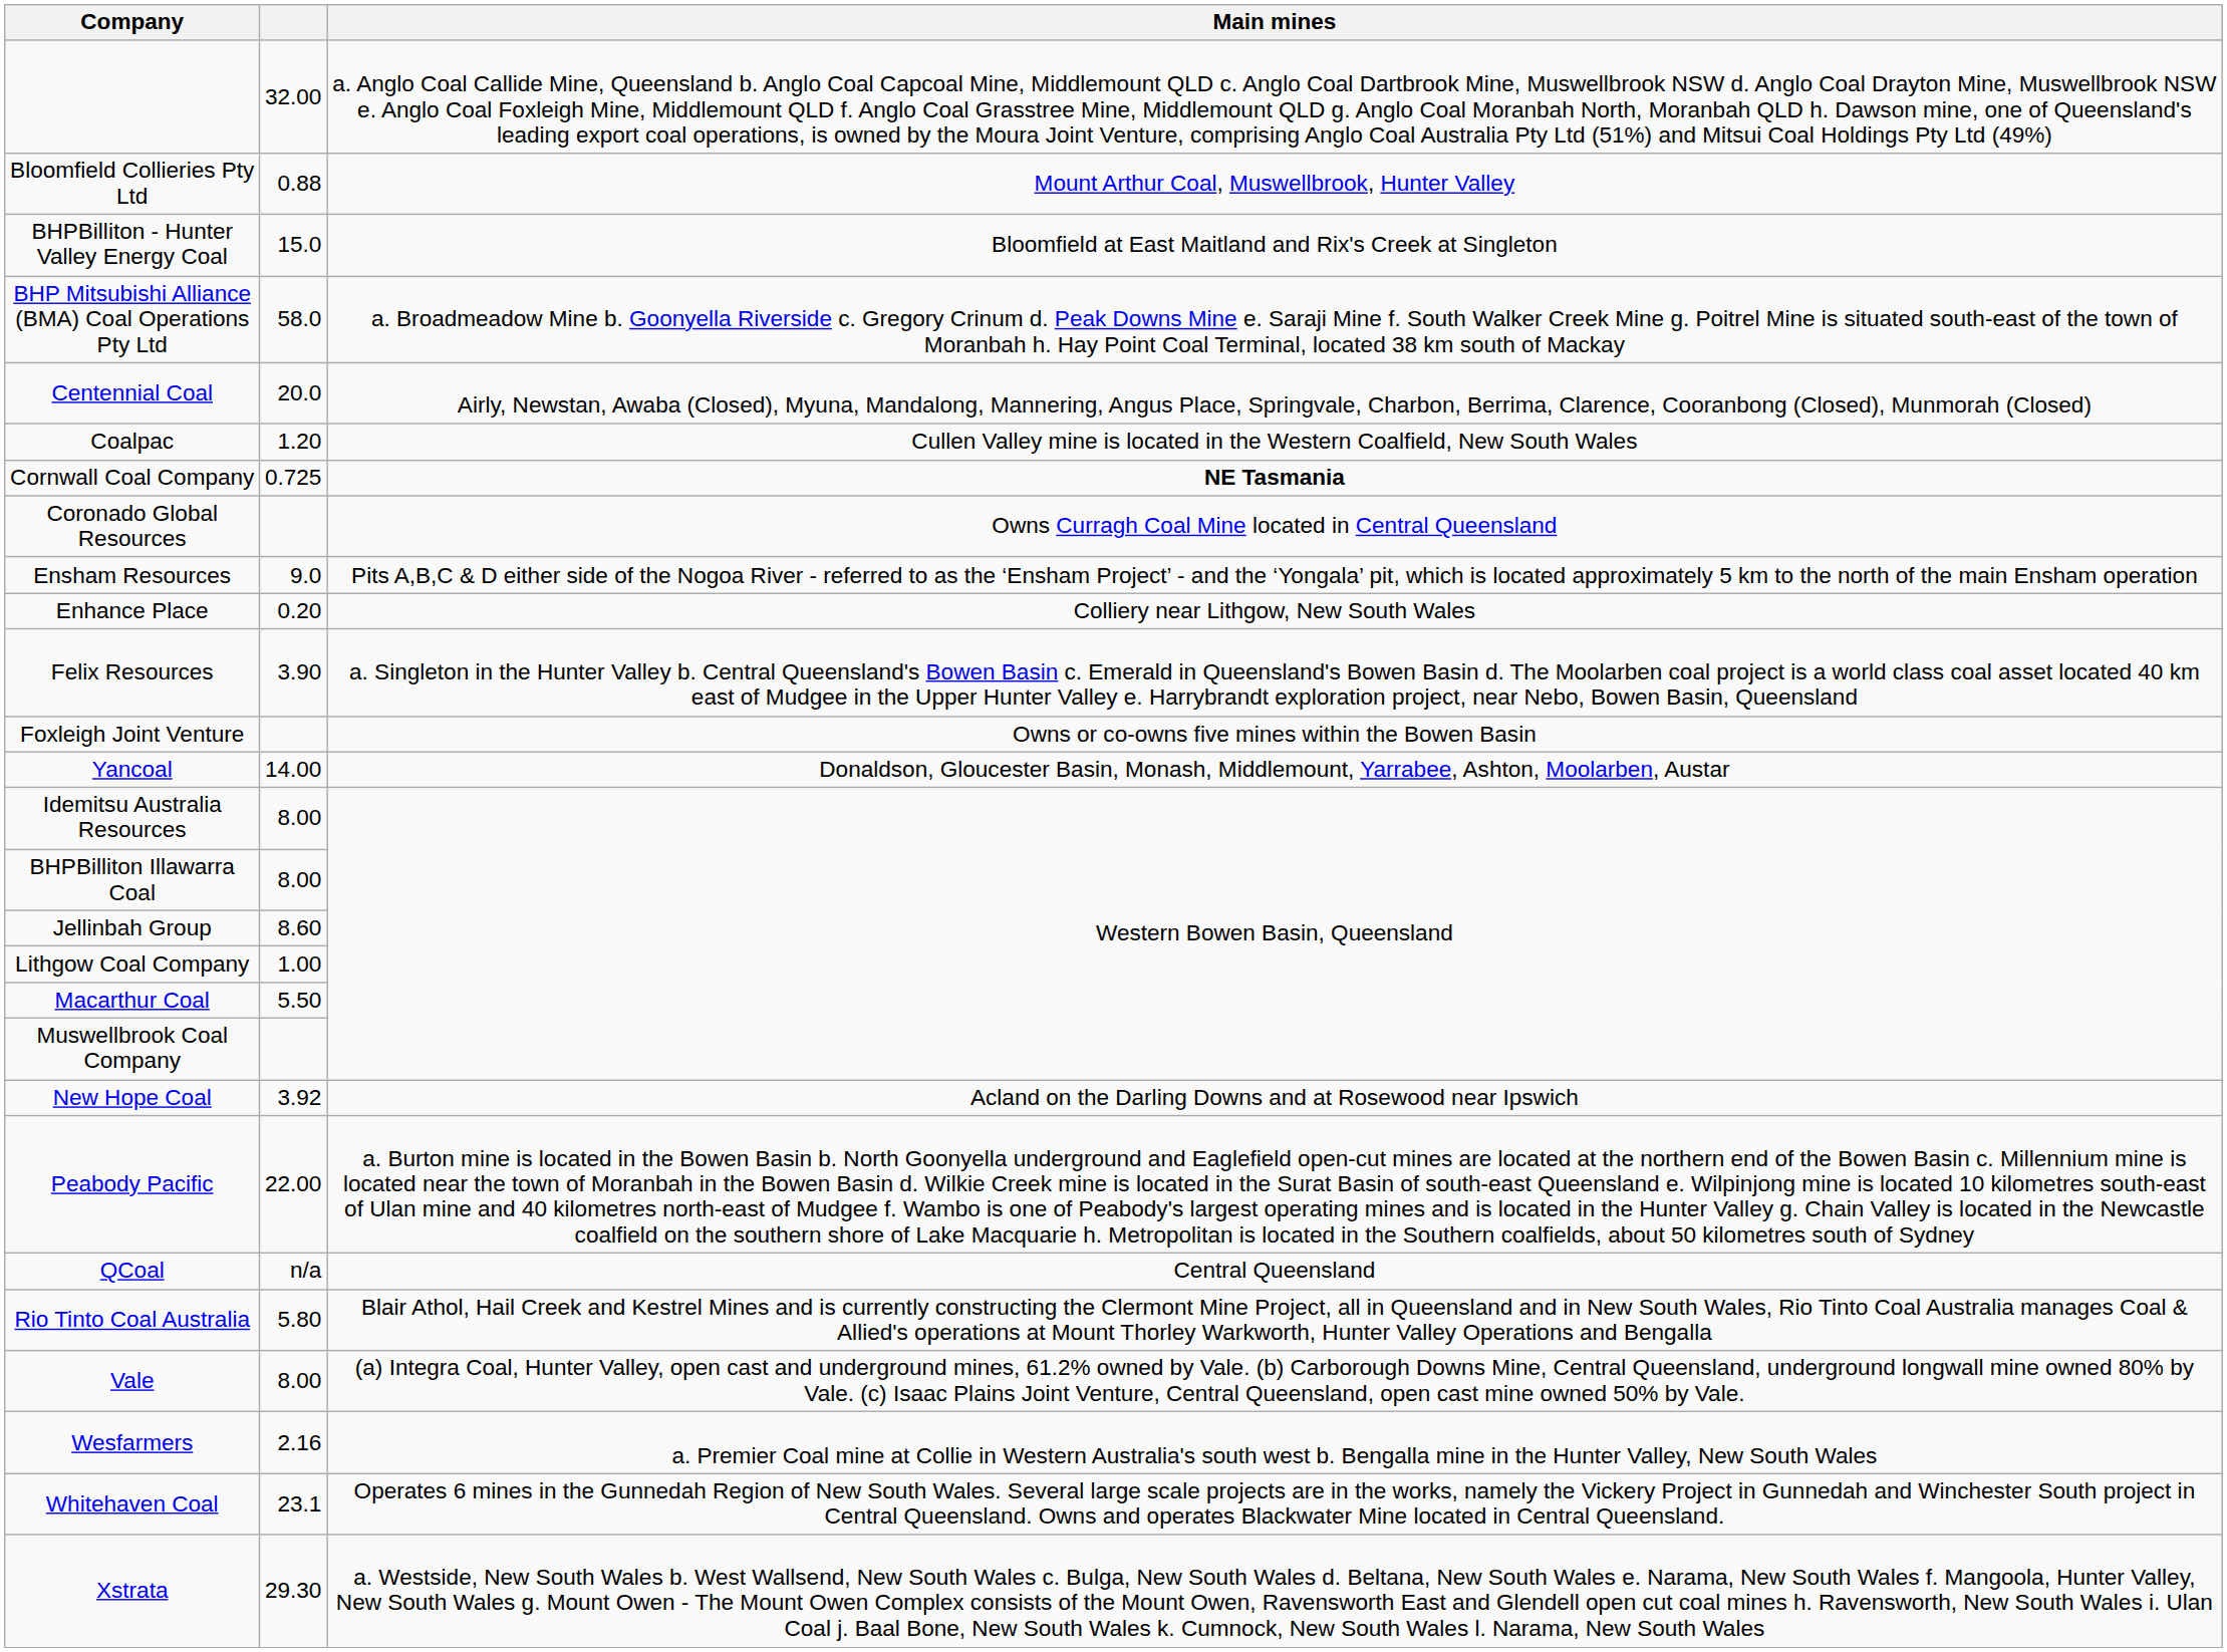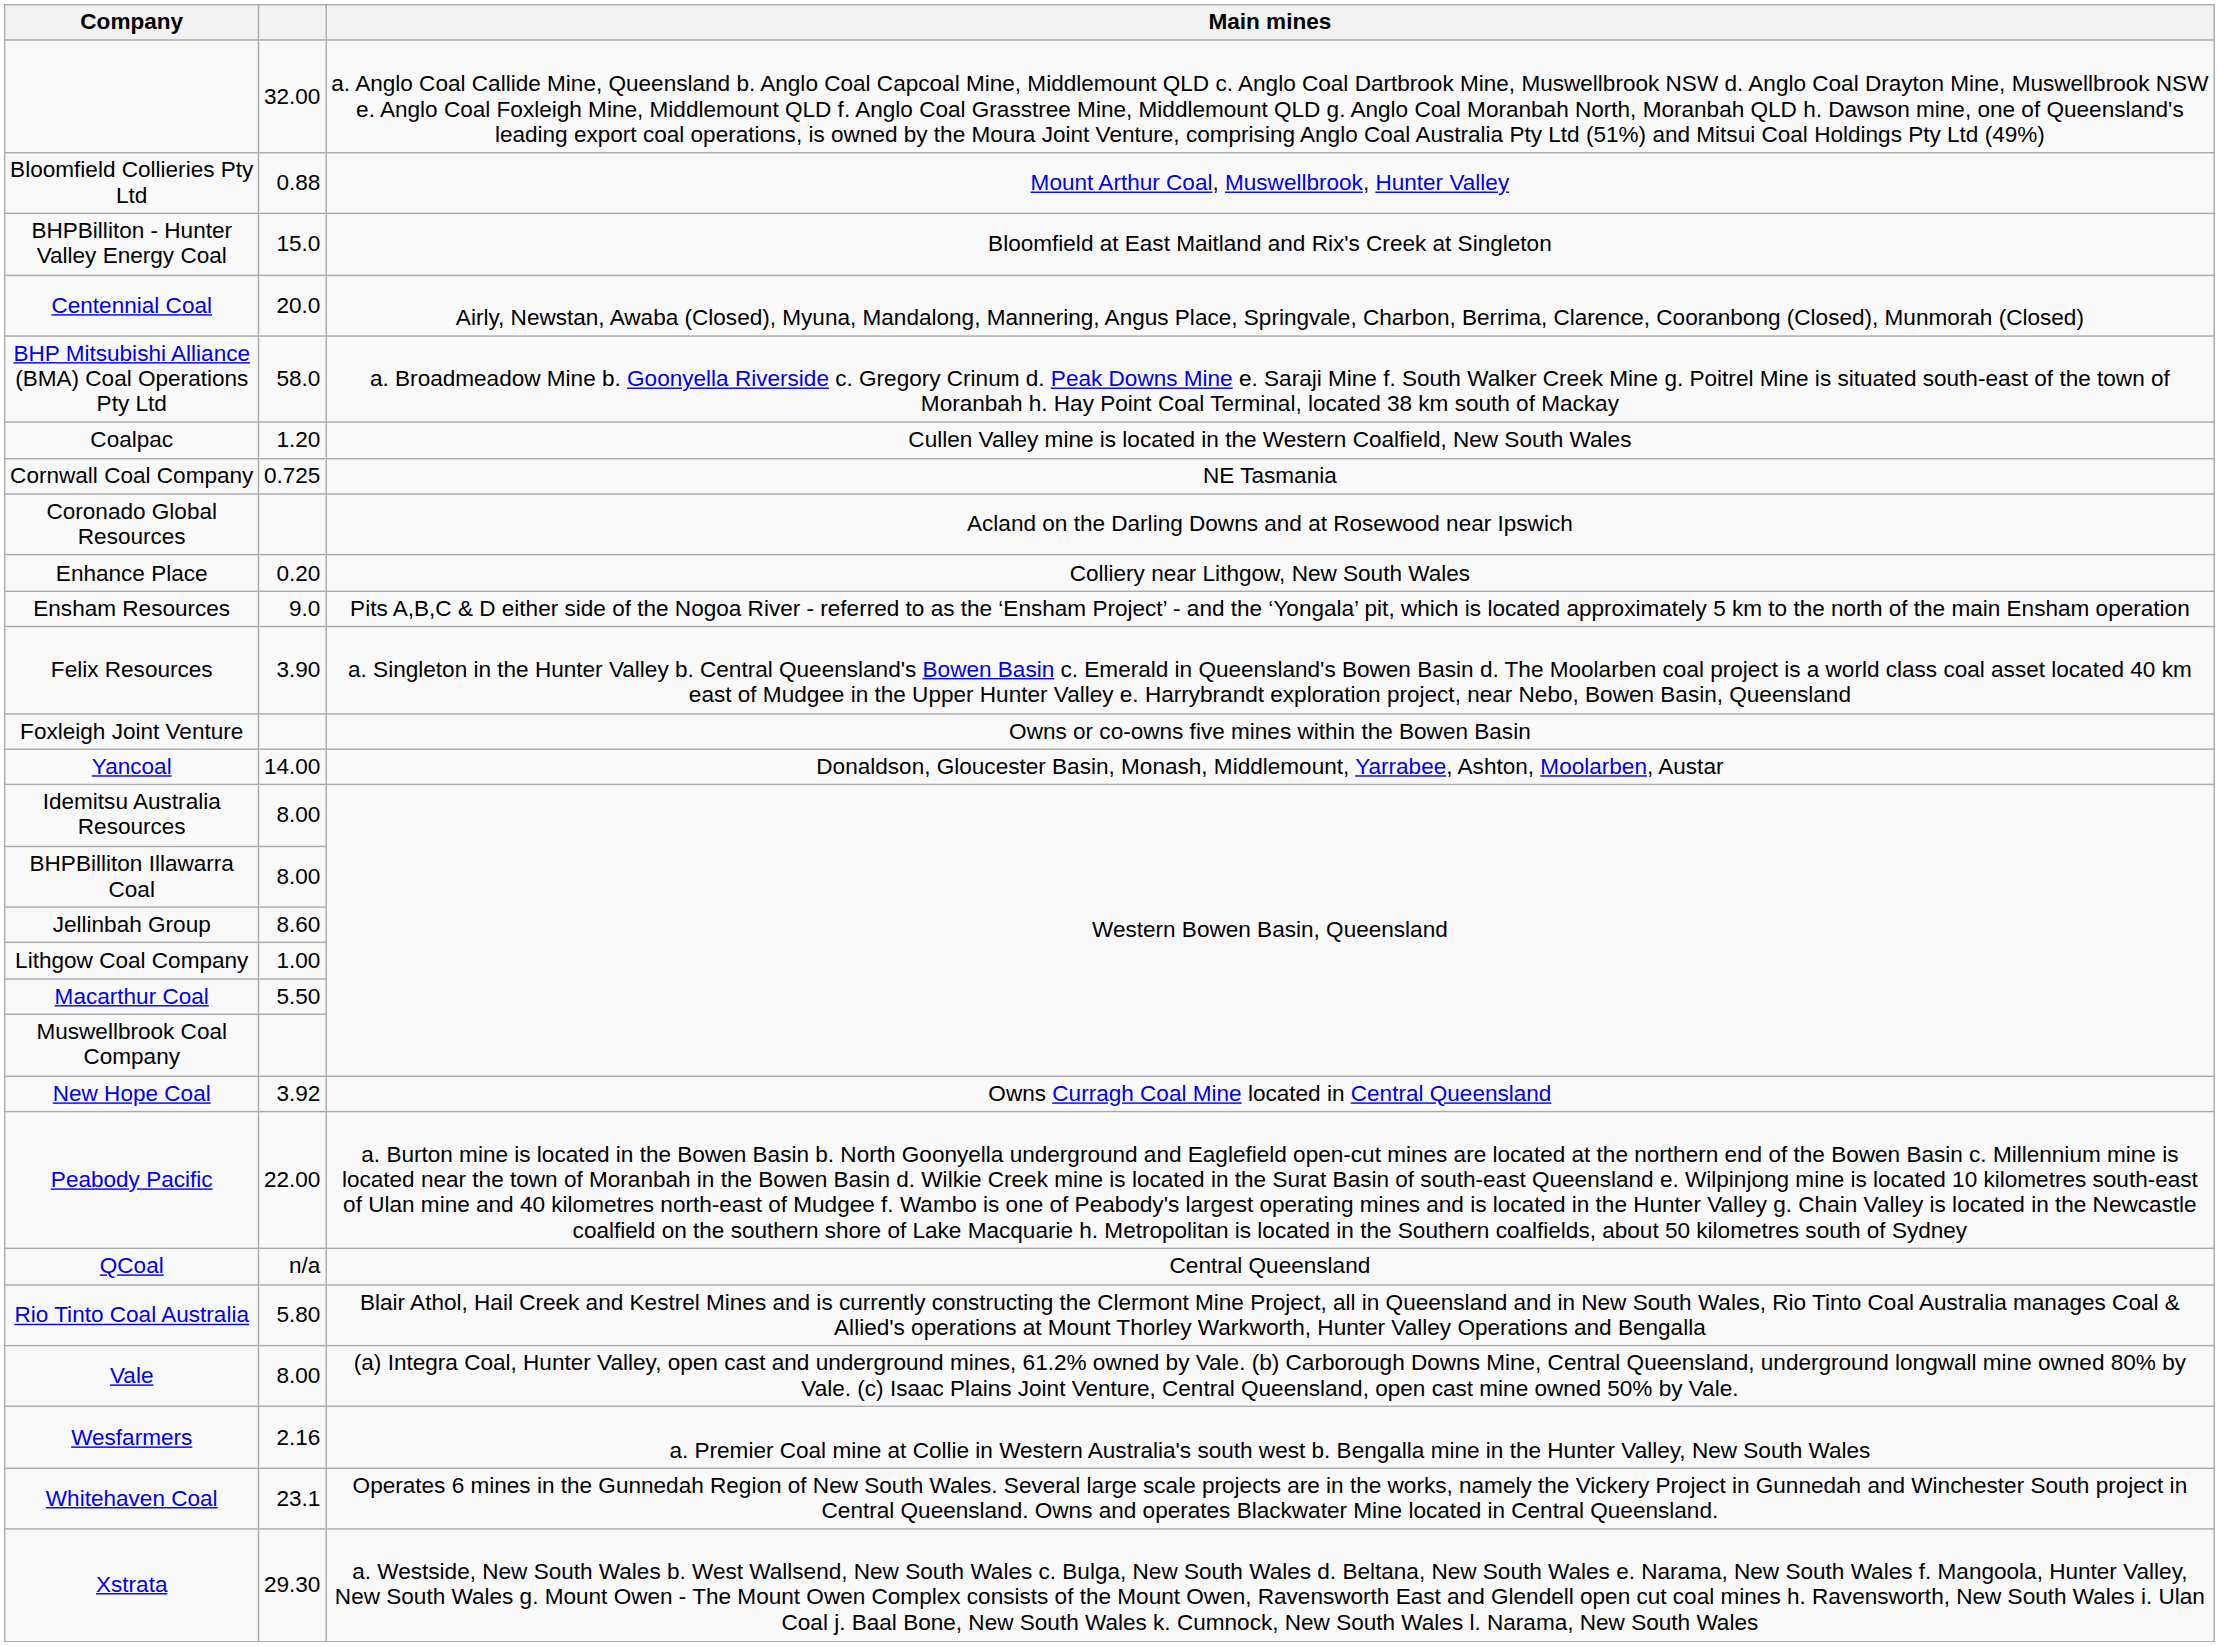 <table class="wikitable sortable" align="center" style="text-align:center">
 <tr>
 <th>Company</th>
 <th><br></th>
 <th>Main mines</th>
 </tr>
 <tr>
 <td></td>
 <td align=right>32.00</td>
 <td><br>a. Anglo Coal Callide Mine, Queensland  b. Anglo Coal Capcoal Mine, Middlemount QLD  c. Anglo Coal Dartbrook Mine, Muswellbrook NSW  d. Anglo Coal Drayton Mine, Muswellbrook NSW  e. Anglo Coal Foxleigh Mine, Middlemount QLD  f. Anglo Coal Grasstree Mine, Middlemount QLD  g. Anglo Coal Moranbah North, Moranbah QLD  h. Dawson mine, one of Queensland's leading export coal operations, is owned by the Moura Joint Venture, comprising Anglo Coal Australia Pty Ltd (51%) and Mitsui Coal Holdings Pty Ltd (49%)</td>
 </tr>
 <tr>
 <td>Bloomfield Collieries Pty Ltd</td>
 <td align=right>0.88</td>
 <td><a href='#'>Mount Arthur Coal</a>, <a href='#'>Muswellbrook</a>, <a href='#'>Hunter Valley</a></td>
 </tr>
 <tr>
 <td>BHPBilliton - Hunter Valley Energy Coal</td>
 <td align=right>15.0</td>
 <td>Bloomfield at East Maitland and Rix's Creek at Singleton</td>
 </tr>
 <tr>
+<td><a href='#'>Centennial Coal</a></td>
+<td align=right>20.0</td>
+<td><br>Airly, Newstan,  Awaba (Closed),  Myuna,  Mandalong,  Mannering,  Angus Place, Springvale,  Charbon,  Berrima,  Clarence,  Cooranbong (Closed),  Munmorah (Closed)</td>
+</tr>
+<tr>
 <td><a href='#'>BHP Mitsubishi Alliance</a> (BMA) Coal Operations Pty Ltd</td>
 <td align=right>58.0</td>
 <td><br>a. Broadmeadow Mine  b. <a href='#'>Goonyella Riverside</a>  c. Gregory Crinum  d. <a href='#'>Peak Downs Mine</a>  e. Saraji Mine  f. South Walker Creek Mine  g. Poitrel Mine is situated south-east of the town of Moranbah  h. Hay Point Coal Terminal, located 38 km south of Mackay</td>
-</tr>
-<tr>
-<td><a href='#'>Centennial Coal</a></td>
-<td align=right>20.0</td>
-<td><br>Airly, Newstan,  Awaba (Closed),  Myuna,  Mandalong,  Mannering,  Angus Place, Springvale,  Charbon,  Berrima,  Clarence,  Cooranbong (Closed),  Munmorah (Closed)</td>
 </tr>
 <tr>
 <td>Coalpac</td>
 <td align=right>1.20</td>
 <td>Cullen Valley mine is located in the Western Coalfield, New South Wales</td>
 </tr>
 <tr>
 <td>Cornwall Coal Company</td>
 <td align=right>0.725</td>
-<td><strong>NE Tasmania</strong></td>
+<td>NE Tasmania</td>
 </tr>
 <tr>
 <td>Coronado Global Resources</td>
 <td></td>
-<td>Owns <a href='#'>Curragh Coal Mine</a> located in <a href='#'>Central Queensland</a></td>
+<td>Acland on the Darling Downs and at Rosewood near Ipswich</td>
+</tr>
+<tr>
+<td>Enhance Place</td>
+<td align=right>0.20</td>
+<td>Colliery near Lithgow, New South Wales</td>
 </tr>
 <tr>
 <td>Ensham Resources</td>
 <td align=right>9.0</td>
 <td>Pits A,B,C & D either side of the Nogoa River - referred to as the ‘Ensham Project’ - and the ‘Yongala’ pit, which is located approximately 5 km to the north of the main Ensham operation</td>
-</tr>
-<tr>
-<td>Enhance Place</td>
-<td align=right>0.20</td>
-<td>Colliery near Lithgow, New South Wales</td>
 </tr>
 <tr>
 <td>Felix Resources</td>
 <td align=right>3.90</td>
 <td><br>a. Singleton in the Hunter Valley  b. Central Queensland's <a href='#'>Bowen Basin</a>  c. Emerald in Queensland's Bowen Basin  d. The Moolarben coal project is a world class coal asset located 40 km east of Mudgee in the Upper Hunter Valley  e. Harrybrandt exploration project, near Nebo, Bowen Basin, Queensland</td>
 </tr>
 <tr>
 <td>Foxleigh Joint Venture</td>
 <td align=right></td>
 <td>Owns or co-owns five mines within the Bowen Basin</td>
 </tr>
 <tr>
 <td><a href='#'>Yancoal</a></td>
 <td align=right>14.00</td>
 <td>Donaldson, Gloucester Basin, Monash, Middlemount, <a href='#'>Yarrabee</a>, Ashton, <a href='#'>Moolarben</a>, Austar</td>
 </tr>
 <tr>
 <td>Idemitsu Australia Resources</td>
 <td align=right>8.00</td>
 <td rowspan="6">Western Bowen Basin, Queensland</td>
 </tr>
 <tr>
 <td>BHPBilliton Illawarra Coal</td>
 <td align=right>8.00</td>
 </tr>
 <tr>
 <td>Jellinbah Group</td>
 <td align=right>8.60</td>
 </tr>
 <tr>
 <td>Lithgow Coal Company</td>
 <td align=right>1.00</td>
 </tr>
 <tr>
 <td><a href='#'>Macarthur Coal</a></td>
 <td align=right>5.50</td>
 </tr>
 <tr>
 <td>Muswellbrook Coal Company</td>
 <td align=right></td>
 </tr>
 <tr>
 <td><a href='#'>New Hope Coal</a></td>
 <td align=right>3.92</td>
-<td>Acland on the Darling Downs and at Rosewood near Ipswich</td>
+<td>Owns <a href='#'>Curragh Coal Mine</a> located in <a href='#'>Central Queensland</a></td>
 </tr>
 <tr>
 <td><a href='#'>Peabody Pacific</a></td>
 <td align=right>22.00</td>
 <td><br>a. Burton mine is located in the Bowen Basin  b. North Goonyella underground and Eaglefield open-cut mines are located at the northern end of the Bowen Basin  c. Millennium mine is located near the town of Moranbah in the Bowen Basin  d. Wilkie Creek mine is located in the Surat Basin of south-east Queensland  e. Wilpinjong mine is located 10 kilometres south-east of Ulan mine and 40 kilometres north-east of Mudgee  f. Wambo is one of Peabody's largest operating mines and is located in the Hunter Valley  g. Chain Valley is located in the Newcastle coalfield on the southern shore of Lake Macquarie  h. Metropolitan is located in the Southern coalfields, about 50 kilometres south of Sydney</td>
 </tr>
 <tr>
 <td><a href='#'>QCoal</a></td>
 <td align=right>n/a</td>
 <td>Central Queensland</td>
 </tr>
 <tr>
 <td><a href='#'>Rio Tinto Coal Australia</a></td>
 <td align=right>5.80</td>
 <td>Blair Athol, Hail Creek and Kestrel Mines and is currently constructing the Clermont Mine Project, all in Queensland and in New South Wales, Rio Tinto Coal Australia manages Coal & Allied's operations at Mount Thorley Warkworth, Hunter Valley Operations and Bengalla</td>
 </tr>
 <tr>
 <td><a href='#'>Vale</a></td>
 <td align=right>8.00</td>
 <td>(a) Integra Coal, Hunter Valley, open cast and underground mines, 61.2% owned by Vale. (b) Carborough Downs Mine, Central Queensland, underground longwall mine owned 80% by Vale. (c) Isaac Plains Joint Venture, Central Queensland, open cast mine owned 50% by Vale.</td>
 </tr>
 <tr>
 <td><a href='#'>Wesfarmers</a></td>
 <td align=right>2.16</td>
 <td><br>a. Premier Coal mine at Collie in Western Australia's south west  b. Bengalla mine in the Hunter Valley, New South Wales</td>
 </tr>
 <tr>
 <td><a href='#'>Whitehaven Coal</a></td>
 <td align=right>23.1</td>
 <td>Operates 6 mines in the Gunnedah Region of New South Wales. Several large scale projects are in the works, namely the Vickery Project in Gunnedah and Winchester South project in Central Queensland. Owns and operates Blackwater Mine located in Central Queensland.</td>
 </tr>
 <tr>
 <td><a href='#'>Xstrata</a></td>
 <td align=right>29.30</td>
 <td><br>a. Westside, New South Wales   b. West Wallsend, New South Wales  c. Bulga, New South Wales  d. Beltana, New South Wales  e. Narama, New South Wales  f. Mangoola, Hunter Valley, New South Wales  g. Mount Owen - The Mount Owen Complex consists of the Mount Owen, Ravensworth East and Glendell open cut coal mines  h. Ravensworth, New South Wales  i. Ulan Coal  j. Baal Bone, New South Wales  k. Cumnock, New South Wales  l. Narama, New South Wales</td>
 </tr>
 </table>
